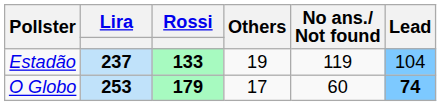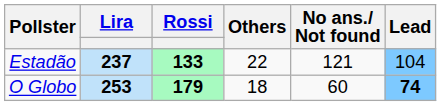 <table class="wikitable sortable" style="text-align:center;font-size:90%;line-height:14px;">
 <tr>
 <th rowspan="2">Pollster</th>
 <th class="unsortable" style="width:50px;"><a href='#'>Lira</a><br></th>
 <th class="unsortable" style="width:50px;"><a href='#'>Rossi</a><br></th>
 <th rowspan="2" class="unsortable">Others</th>
 <th rowspan="2" class="unsortable">No ans./<br>Not found</th>
 <th rowspan="2" data-sort-type="number">Lead</th>
 </tr>
 <tr>
 <th data-sort-type="number" class="sortable" style="background:"></th>
 <th data-sort-type="number" class="sortable" style="background:"></th>
 </tr>
 <tr>
 <td><em><a href='#'>Estadão</a></em></td>
 <td style="background:#C0E2FA;"><strong>237</strong></td>
 <td style="background:#A7FAC0;"><strong>133</strong></td>
-<td>19</td>
-<td>119</td>
+<td>22</td>
+<td>121</td>
 <td style="background:#7DC9FF;">104</td>
 </tr>
 <tr>
 <td><em><a href='#'>O Globo</a></em></td>
 <td style="background:#C0E2FA;"><strong>253</strong></td>
 <td style="background:#A7FAC0;"><strong>179</strong></td>
-<td>17</td>
+<td>18</td>
 <td>60</td>
 <td style="background:#7DC9FF;"><strong>74</strong></td>
 </tr>
 </table>
